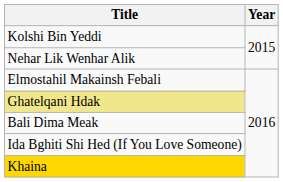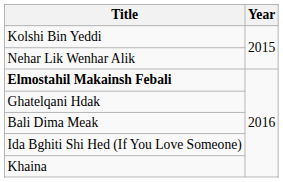 <table class="wikitable">
 <tr>
 <th>Title</th>
 <th>Year</th>
 </tr>
 <tr>
 <td>Kolshi Bin Yeddi</td>
 <td rowspan=2>2015</td>
 </tr>
 <tr>
 <td>Nehar Lik Wenhar Alik</td>
 </tr>
 <tr>
-<td>Elmostahil Makainsh Febali</td>
+<td><strong>Elmostahil Makainsh Febali</strong></td>
 <td rowspan=5>2016</td>
 </tr>
 <tr>
-<td style="background: khaki;">Ghatelqani Hdak</td>
+<td>Ghatelqani Hdak</td>
 </tr>
 <tr>
 <td>Bali Dima Meak</td>
 </tr>
 <tr>
 <td>Ida Bghiti Shi Hed (If You Love Someone)</td>
 </tr>
 <tr>
-<td style="background: gold;">Khaina</td>
+<td>Khaina</td>
 </tr>
 </table>
